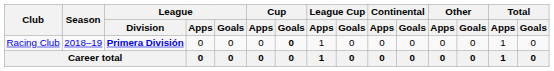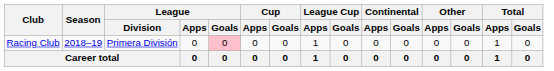 <table class="wikitable" style="text-align:center">
 <tr>
 <th rowspan="2">Club</th>
 <th rowspan="2">Season</th>
 <th colspan="3">League</th>
 <th colspan="2">Cup</th>
 <th colspan="2">League Cup</th>
 <th colspan="2">Continental</th>
 <th colspan="2">Other</th>
 <th colspan="2">Total</th>
 </tr>
 <tr>
 <th>Division</th>
 <th>Apps</th>
 <th>Goals</th>
 <th>Apps</th>
 <th>Goals</th>
 <th>Apps</th>
 <th>Goals</th>
 <th>Apps</th>
 <th>Goals</th>
 <th>Apps</th>
 <th>Goals</th>
 <th>Apps</th>
 <th>Goals</th>
 </tr>
 <tr>
 <td rowspan="1"><a href='#'>Racing Club</a></td>
 <td><a href='#'>2018–19</a></td>
-<td rowspan="1"><strong><a href='#'>Primera División</a></strong></td>
+<td rowspan="1"><a href='#'>Primera División</a></td>
+<td>0</td>
+<td style="background: pink;">0</td>
 <td>0</td>
 <td>0</td>
-<td>0</td>
-<td><strong>0</strong></td>
 <td>1</td>
 <td>0</td>
 <td>0</td>
 <td>0</td>
 <td>0</td>
 <td>0</td>
 <td>1</td>
 <td>0</td>
 </tr>
 <tr>
 <th colspan="3">Career total</th>
 <th>0</th>
 <th>0</th>
 <th>0</th>
 <th>0</th>
 <th>1</th>
 <th>0</th>
 <th>0</th>
 <th>0</th>
 <th>0</th>
 <th>0</th>
 <th>1</th>
 <th>0</th>
 </tr>
 </table>
